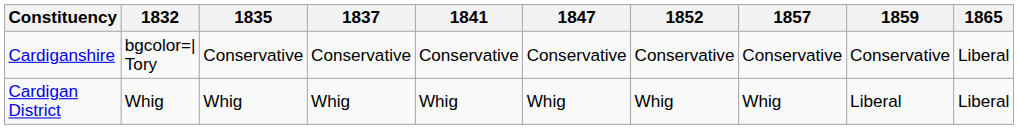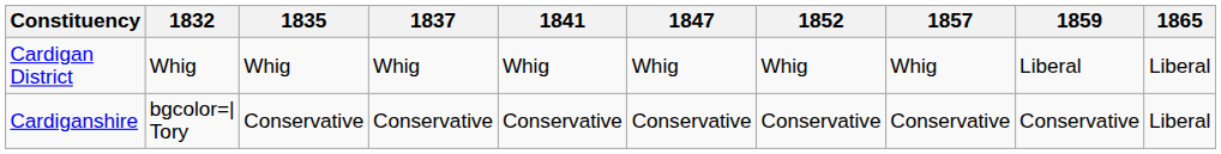 <table class=wikitable sortable>
 <tr>
 <th>Constituency</th>
 <th>1832</th>
 <th>1835</th>
 <th>1837</th>
 <th>1841</th>
 <th>1847</th>
 <th>1852</th>
 <th>1857</th>
 <th>1859</th>
 <th>1865</th>
 </tr>
 <tr>
+<td><a href='#'>Cardigan District</a></td>
+<td bgcolor=>Whig</td>
+<td bgcolor=>Whig</td>
+<td bgcolor=>Whig</td>
+<td bgcolor=>Whig</td>
+<td bgcolor=>Whig</td>
+<td bgcolor=>Whig</td>
+<td bgcolor=>Whig</td>
+<td bgcolor=>Liberal</td>
+<td bgcolor=>Liberal</td>
+</tr>
+<tr>
 <td><a href='#'>Cardiganshire</a></td>
 <td bgcolor=>bgcolor=| Tory</td>
 <td bgcolor=>Conservative</td>
 <td bgcolor=>Conservative</td>
 <td bgcolor=>Conservative</td>
 <td bgcolor=>Conservative</td>
 <td bgcolor=>Conservative</td>
 <td bgcolor=>Conservative</td>
 <td bgcolor=>Conservative</td>
 <td bgcolor=>Liberal</td>
 </tr>
-<tr>
-<td><a href='#'>Cardigan District</a></td>
-<td bgcolor=>Whig</td>
-<td bgcolor=>Whig</td>
-<td bgcolor=>Whig</td>
-<td bgcolor=>Whig</td>
-<td bgcolor=>Whig</td>
-<td bgcolor=>Whig</td>
-<td bgcolor=>Whig</td>
-<td bgcolor=>Liberal</td>
-<td bgcolor=>Liberal</td>
-</tr>
 </table>
